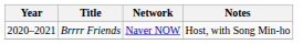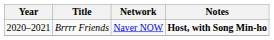 <table class="wikitable">
 <tr style="text-align:center;">
 <th>Year</th>
 <th>Title</th>
 <th>Network</th>
 <th>Notes</th>
 </tr>
 <tr>
 <td>2020–2021</td>
 <td><em>Brrrr Friends</em></td>
 <td><a href='#'>Naver NOW</a></td>
-<td>Host, with Song Min-ho</td>
+<td><strong>Host, with Song Min-ho</strong></td>
 </tr>
 <tr>
 </tr>
 </table>
